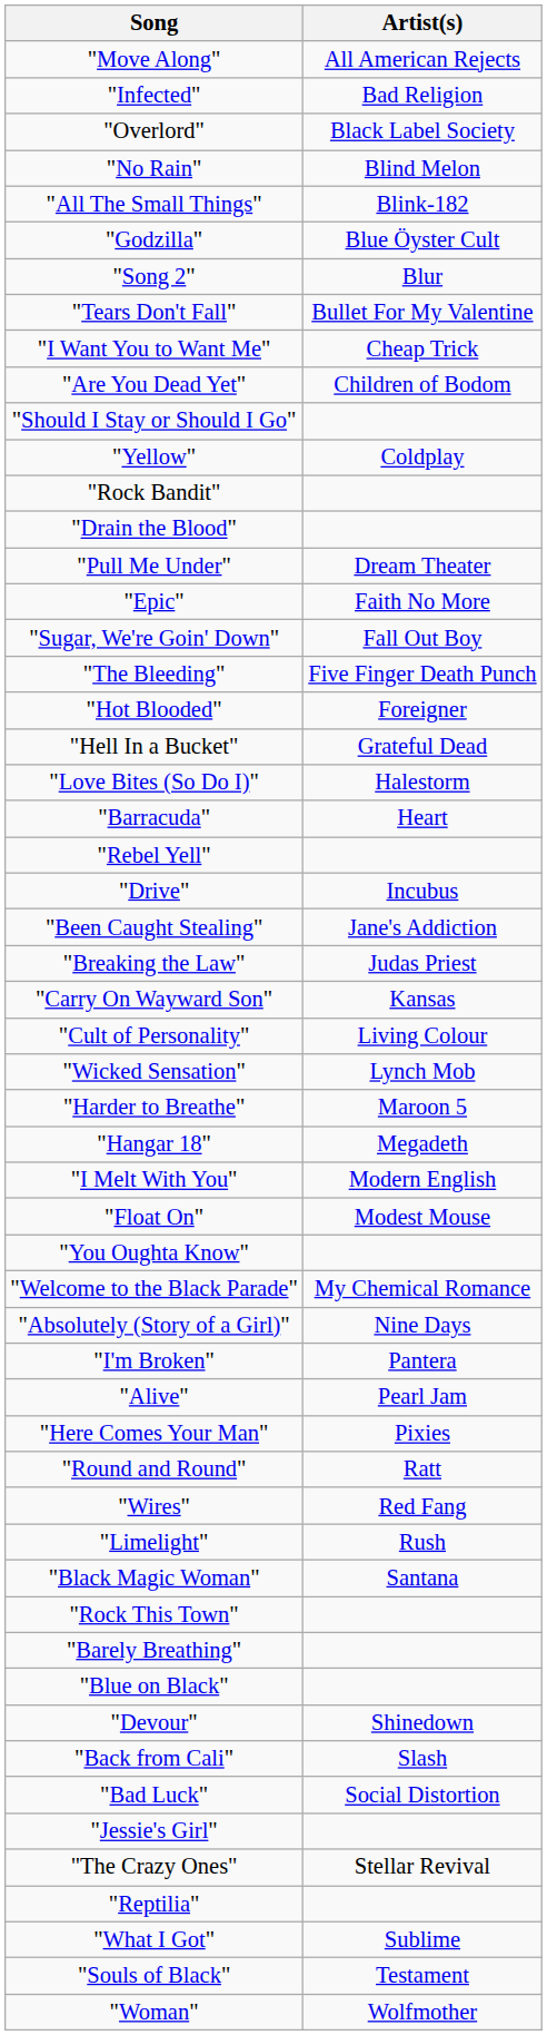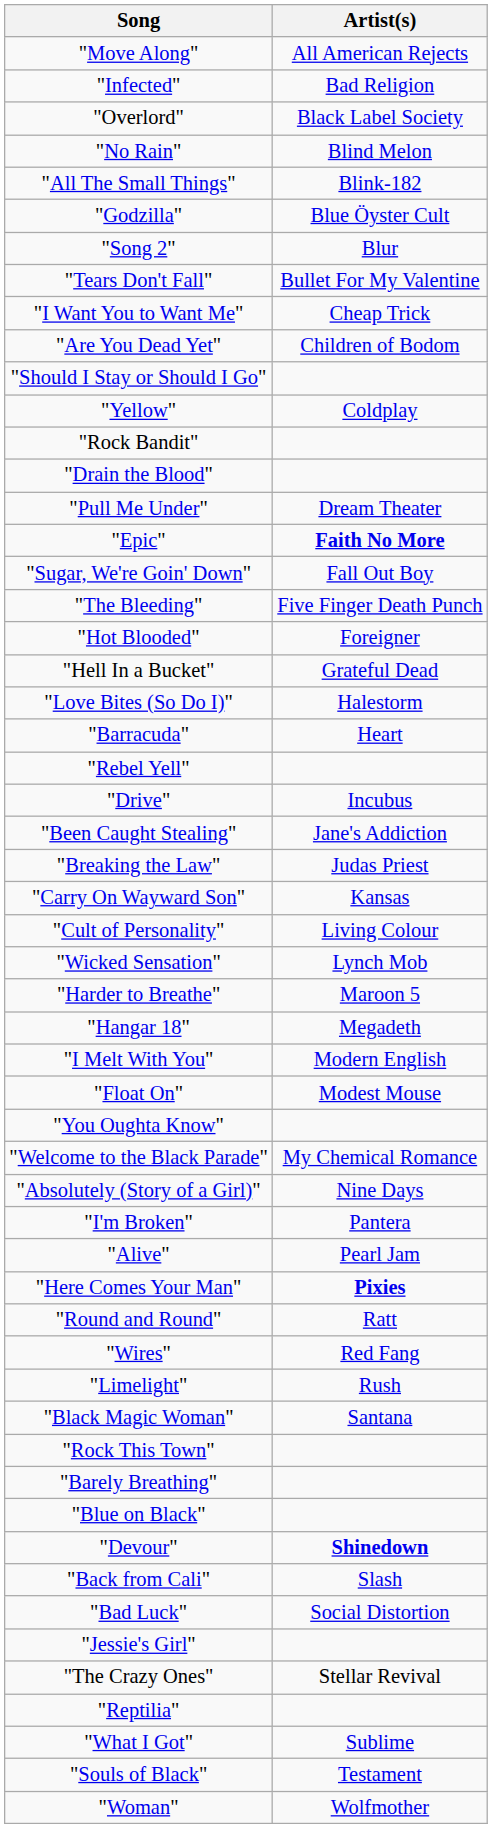 <table class="wikitable sortable" style="text-align: center">
 <tr>
 <th>Song</th>
 <th>Artist(s)</th>
 </tr>
 <tr>
 <td>"<a href='#'>Move Along</a>"</td>
 <td><a href='#'>All American Rejects</a></td>
 </tr>
 <tr>
 <td>"<a href='#'>Infected</a>"</td>
 <td><a href='#'>Bad Religion</a></td>
 </tr>
 <tr>
 <td>"Overlord"</td>
 <td><a href='#'>Black Label Society</a></td>
 </tr>
 <tr>
 <td>"<a href='#'>No Rain</a>"</td>
 <td><a href='#'>Blind Melon</a></td>
 </tr>
 <tr>
 <td>"<a href='#'>All The Small Things</a>"</td>
 <td><a href='#'>Blink-182</a></td>
 </tr>
 <tr>
 <td>"<a href='#'>Godzilla</a>"</td>
 <td><a href='#'>Blue Öyster Cult</a></td>
 </tr>
 <tr>
 <td>"<a href='#'>Song 2</a>"</td>
 <td><a href='#'>Blur</a></td>
 </tr>
 <tr>
 <td>"<a href='#'>Tears Don't Fall</a>"</td>
 <td><a href='#'>Bullet For My Valentine</a></td>
 </tr>
 <tr>
 <td>"<a href='#'>I Want You to Want Me</a>"</td>
 <td><a href='#'>Cheap Trick</a></td>
 </tr>
 <tr>
 <td>"<a href='#'>Are You Dead Yet</a>"</td>
 <td><a href='#'>Children of Bodom</a></td>
 </tr>
 <tr>
 <td>"<a href='#'>Should I Stay or Should I Go</a>"</td>
 <td></td>
 </tr>
 <tr>
 <td>"<a href='#'>Yellow</a>"</td>
 <td><a href='#'>Coldplay</a></td>
 </tr>
 <tr>
 <td>"Rock Bandit"</td>
 <td></td>
 </tr>
 <tr>
 <td>"<a href='#'>Drain the Blood</a>"</td>
 <td></td>
 </tr>
 <tr>
 <td>"<a href='#'>Pull Me Under</a>"</td>
 <td><a href='#'>Dream Theater</a></td>
 </tr>
 <tr>
 <td>"<a href='#'>Epic</a>"</td>
-<td><a href='#'>Faith No More</a></td>
+<td><strong><a href='#'>Faith No More</a></strong></td>
 </tr>
 <tr>
 <td>"<a href='#'>Sugar, We're Goin' Down</a>"</td>
 <td><a href='#'>Fall Out Boy</a></td>
 </tr>
 <tr>
 <td>"<a href='#'>The Bleeding</a>"</td>
 <td><a href='#'>Five Finger Death Punch</a></td>
 </tr>
 <tr>
 <td>"<a href='#'>Hot Blooded</a>"</td>
 <td><a href='#'>Foreigner</a></td>
 </tr>
 <tr>
 <td>"Hell In a Bucket"</td>
 <td><a href='#'>Grateful Dead</a></td>
 </tr>
 <tr>
 <td>"<a href='#'>Love Bites (So Do I)</a>"</td>
 <td><a href='#'>Halestorm</a></td>
 </tr>
 <tr>
 <td>"<a href='#'>Barracuda</a>"</td>
 <td><a href='#'>Heart</a></td>
 </tr>
 <tr>
 <td>"<a href='#'>Rebel Yell</a>"</td>
 <td></td>
 </tr>
 <tr>
 <td>"<a href='#'>Drive</a>"</td>
 <td><a href='#'>Incubus</a></td>
 </tr>
 <tr>
 <td>"<a href='#'>Been Caught Stealing</a>"</td>
 <td><a href='#'>Jane's Addiction</a></td>
 </tr>
 <tr>
 <td>"<a href='#'>Breaking the Law</a>"</td>
 <td><a href='#'>Judas Priest</a></td>
 </tr>
 <tr>
 <td>"<a href='#'>Carry On Wayward Son</a>"</td>
 <td><a href='#'>Kansas</a></td>
 </tr>
 <tr>
 <td>"<a href='#'>Cult of Personality</a>"</td>
 <td><a href='#'>Living Colour</a></td>
 </tr>
 <tr>
 <td>"<a href='#'>Wicked Sensation</a>"</td>
 <td><a href='#'>Lynch Mob</a></td>
 </tr>
 <tr>
 <td>"<a href='#'>Harder to Breathe</a>"</td>
 <td><a href='#'>Maroon 5</a></td>
 </tr>
 <tr>
 <td>"<a href='#'>Hangar 18</a>"</td>
 <td><a href='#'>Megadeth</a></td>
 </tr>
 <tr>
 <td>"<a href='#'>I Melt With You</a>"</td>
 <td><a href='#'>Modern English</a></td>
 </tr>
 <tr>
 <td>"<a href='#'>Float On</a>"</td>
 <td><a href='#'>Modest Mouse</a></td>
 </tr>
 <tr>
 <td>"<a href='#'>You Oughta Know</a>"</td>
 <td></td>
 </tr>
 <tr>
 <td>"<a href='#'>Welcome to the Black Parade</a>"</td>
 <td><a href='#'>My Chemical Romance</a></td>
 </tr>
 <tr>
 <td>"<a href='#'>Absolutely (Story of a Girl)</a>"</td>
 <td><a href='#'>Nine Days</a></td>
 </tr>
 <tr>
 <td>"<a href='#'>I'm Broken</a>"</td>
 <td><a href='#'>Pantera</a></td>
 </tr>
 <tr>
 <td>"<a href='#'>Alive</a>"</td>
 <td><a href='#'>Pearl Jam</a></td>
 </tr>
 <tr>
 <td>"<a href='#'>Here Comes Your Man</a>"</td>
-<td><a href='#'>Pixies</a></td>
+<td><strong><a href='#'>Pixies</a></strong></td>
 </tr>
 <tr>
 <td>"<a href='#'>Round and Round</a>"</td>
 <td><a href='#'>Ratt</a></td>
 </tr>
 <tr>
 <td>"<a href='#'>Wires</a>"</td>
 <td><a href='#'>Red Fang</a></td>
 </tr>
 <tr>
 <td>"<a href='#'>Limelight</a>"</td>
 <td><a href='#'>Rush</a></td>
 </tr>
 <tr>
 <td>"<a href='#'>Black Magic Woman</a>"</td>
 <td><a href='#'>Santana</a></td>
 </tr>
 <tr>
 <td>"<a href='#'>Rock This Town</a>"</td>
 <td></td>
 </tr>
 <tr>
 <td>"<a href='#'>Barely Breathing</a>"</td>
 <td></td>
 </tr>
 <tr>
 <td>"<a href='#'>Blue on Black</a>"</td>
 <td></td>
 </tr>
 <tr>
 <td>"<a href='#'>Devour</a>"</td>
-<td><a href='#'>Shinedown</a></td>
+<td><strong><a href='#'>Shinedown</a></strong></td>
 </tr>
 <tr>
 <td>"<a href='#'>Back from Cali</a>"</td>
 <td><a href='#'>Slash</a></td>
 </tr>
 <tr>
 <td>"<a href='#'>Bad Luck</a>"</td>
 <td><a href='#'>Social Distortion</a></td>
 </tr>
 <tr>
 <td>"<a href='#'>Jessie's Girl</a>"</td>
 <td></td>
 </tr>
 <tr>
 <td>"The Crazy Ones"</td>
 <td>Stellar Revival</td>
 </tr>
 <tr>
 <td>"<a href='#'>Reptilia</a>"</td>
 <td></td>
 </tr>
 <tr>
 <td>"<a href='#'>What I Got</a>"</td>
 <td><a href='#'>Sublime</a></td>
 </tr>
 <tr>
 <td>"<a href='#'>Souls of Black</a>"</td>
 <td><a href='#'>Testament</a></td>
 </tr>
 <tr>
 <td>"<a href='#'>Woman</a>"</td>
 <td Wolfmother><a href='#'>Wolfmother</a></td>
 </tr>
 <tr>
 </tr>
 </table>
